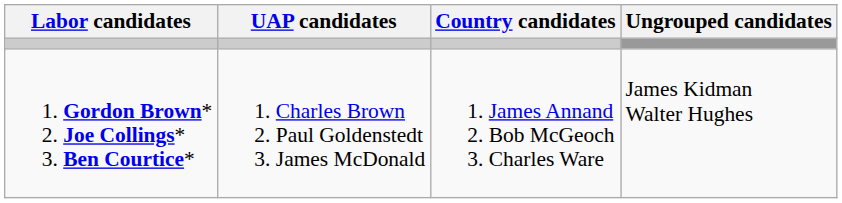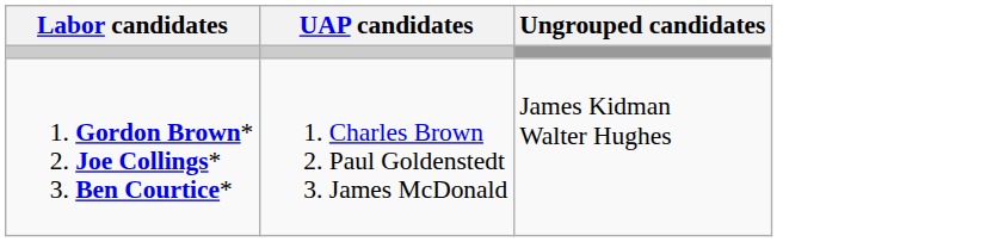 <table class="wikitable">
 <tr>
 <th><a href='#'>Labor</a> candidates</th>
 <th><a href='#'>UAP</a> candidates</th>
-<th><a href='#'>Country</a> candidates</th>
 <th>Ungrouped candidates</th>
 </tr>
 <tr bgcolor="#cccccc">
-<td></td>
 <td></td>
 <td></td>
 <td bgcolor="#999999"></td>
 </tr>
 <tr>
 <td><br><ol><li><strong><a href='#'>Gordon Brown</a></strong>*</li><li><strong><a href='#'>Joe Collings</a></strong>*</li><li><strong><a href='#'>Ben Courtice</a></strong>*</li></ol></td>
 <td valign=top><br><ol><li><a href='#'>Charles Brown</a></li><li>Paul Goldenstedt</li><li>James McDonald</li></ol></td>
-<td valign=top><br><ol><li><a href='#'>James Annand</a></li><li>Bob McGeoch</li><li>Charles Ware</li></ol></td>
 <td valign=top><br>James Kidman<br> Walter Hughes</td>
 </tr>
 </table>
